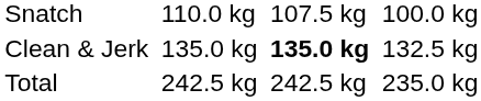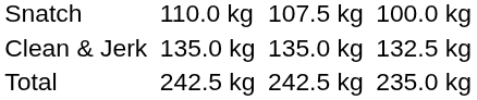 <table>
 <tr>
 <td>Snatch</td>
 <td></td>
 <td>110.0 kg</td>
 <td></td>
 <td>107.5 kg</td>
 <td></td>
 <td>100.0 kg</td>
 </tr>
 <tr>
 <td>Clean & Jerk</td>
 <td></td>
 <td>135.0 kg</td>
 <td></td>
-<td><strong>135.0 kg</strong></td>
+<td>135.0 kg</td>
 <td></td>
 <td>132.5 kg</td>
 </tr>
 <tr>
 <td>Total</td>
 <td></td>
 <td>242.5 kg</td>
 <td></td>
 <td>242.5 kg</td>
 <td></td>
 <td>235.0 kg</td>
 </tr>
 </table>
